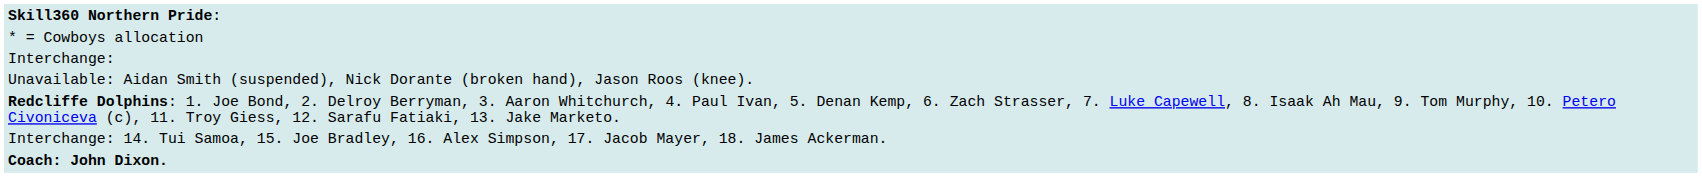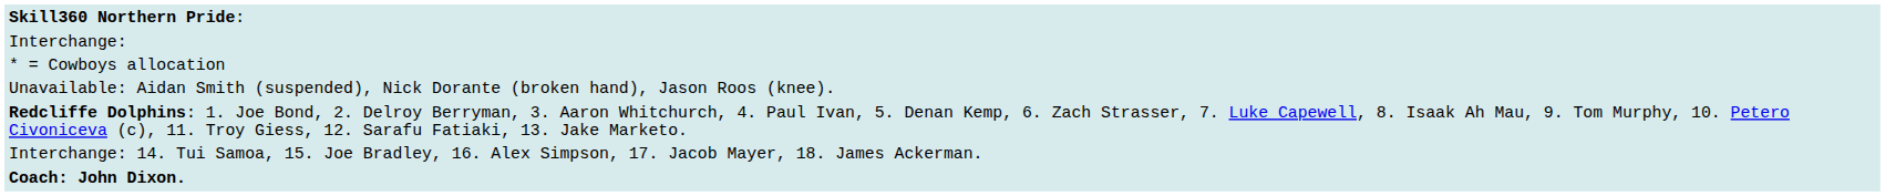 <table style="background:#d7ebed; font-size:85%; width:100%;">
 <tr>
 <td><strong>Skill360 Northern Pride</strong>:             </td>
 </tr>
 <tr>
-<td>* = Cowboys allocation</td>
+<td>Interchange:    </td>
 </tr>
 <tr>
-<td>Interchange:    </td>
+<td>* = Cowboys allocation</td>
 </tr>
 <tr>
 <td>Unavailable: Aidan Smith (suspended), Nick Dorante (broken hand), Jason Roos (knee).</td>
 </tr>
 <tr>
 <td><strong>Redcliffe Dolphins</strong>: 1. Joe Bond, 2. Delroy Berryman, 3. Aaron Whitchurch, 4. Paul Ivan, 5. Denan Kemp, 6. Zach Strasser, 7. <a href='#'>Luke Capewell</a>, 8. Isaak Ah Mau, 9. Tom Murphy, 10. <a href='#'>Petero Civoniceva</a> (c), 11. Troy Giess, 12. Sarafu Fatiaki, 13. Jake Marketo.</td>
 </tr>
 <tr>
 <td>Interchange: 14. Tui Samoa, 15. Joe Bradley, 16. Alex Simpson, 17. Jacob Mayer, 18. James Ackerman.</td>
 </tr>
 <tr>
 <td><strong>Coach: John Dixon.</strong></td>
 </tr>
 </table>
